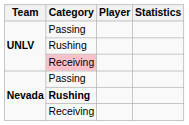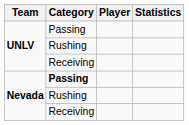 <table class="wikitable" style="float: left;">
 <tr>
 <th>Team</th>
 <th>Category</th>
 <th>Player</th>
 <th>Statistics</th>
 </tr>
 <tr>
 <td rowspan=3><strong>UNLV</strong></td>
 <td>Passing</td>
 <td></td>
 <td></td>
 </tr>
 <tr>
 <td>Rushing</td>
 <td></td>
 <td></td>
 </tr>
 <tr>
-<td style="background: pink;">Receiving</td>
+<td>Receiving</td>
 <td></td>
 <td></td>
 </tr>
 <tr>
 <td rowspan=3><strong>Nevada</strong></td>
-<td>Passing</td>
+<td><strong>Passing</strong></td>
 <td></td>
 <td></td>
 </tr>
 <tr>
-<td><strong>Rushing</strong></td>
+<td>Rushing</td>
 <td></td>
 <td></td>
 </tr>
 <tr>
 <td>Receiving</td>
 <td></td>
 <td></td>
 </tr>
 </table>
